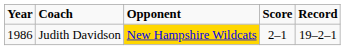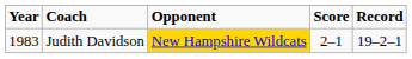 <table class="wikitable">
 <tr>
 <td><strong>Year</strong></td>
 <td><strong>Coach</strong></td>
 <td><strong>Opponent</strong></td>
 <td><strong>Score</strong></td>
 <td><strong>Record</strong></td>
 </tr>
 <tr style="text-align:center;">
-<td>1986</td>
+<td>1983</td>
 <td>Judith Davidson</td>
 <td style="background: gold;"><a href='#'>New Hampshire Wildcats</a></td>
 <td>2–1</td>
 <td>19–2–1</td>
 </tr>
 </table>
